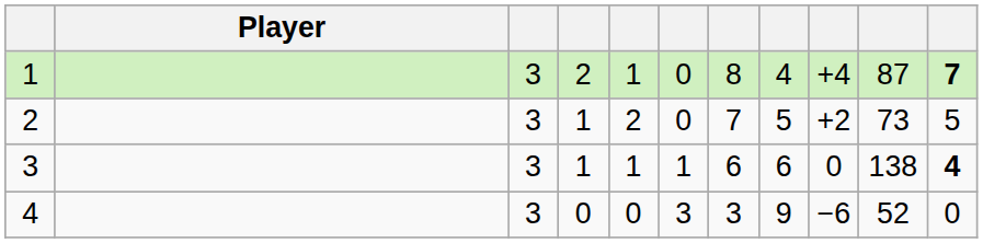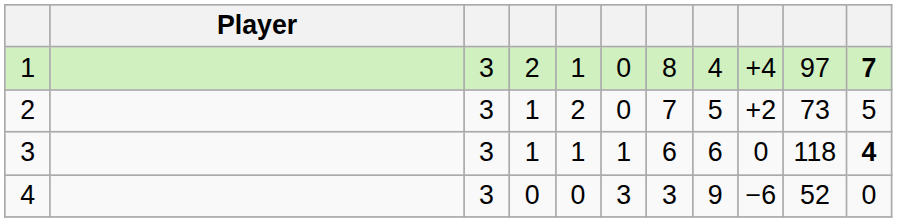 <table class="wikitable" style="text-align:center; margin: 1em auto 1em auto, align:left">
 <tr>
 <th width=20></th>
 <th width=240>Player</th>
 <th width=20></th>
 <th width=20></th>
 <th width=20></th>
 <th width=20></th>
 <th width=20></th>
 <th width=20></th>
 <th width=20></th>
 <th width=30></th>
 <th width=20></th>
 </tr>
 <tr style="background:#D0F0C0;">
 <td>1</td>
 <td align=left></td>
 <td>3</td>
 <td>2</td>
 <td>1</td>
 <td>0</td>
 <td>8</td>
 <td>4</td>
 <td>+4</td>
-<td>87</td>
+<td>97</td>
 <td><strong>7</strong></td>
 </tr>
 <tr style=>
 <td>2</td>
 <td align=left></td>
 <td>3</td>
 <td>1</td>
 <td>2</td>
 <td>0</td>
 <td>7</td>
 <td>5</td>
 <td>+2</td>
 <td>73</td>
 <td>5</td>
 </tr>
 <tr style=>
 <td>3</td>
 <td align=left></td>
 <td>3</td>
 <td>1</td>
 <td>1</td>
 <td>1</td>
 <td>6</td>
 <td>6</td>
 <td>0</td>
-<td>138</td>
+<td>118</td>
 <td><strong>4</strong></td>
 </tr>
 <tr style=>
 <td>4</td>
 <td align=left></td>
 <td>3</td>
 <td>0</td>
 <td>0</td>
 <td>3</td>
 <td>3</td>
 <td>9</td>
 <td>−6</td>
 <td>52</td>
 <td>0</td>
 </tr>
 </table>
